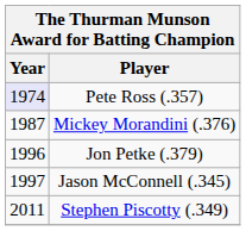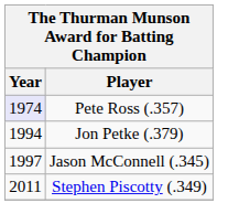 <table class="wikitable" style="display: inline-table; margin-right: 20px; text-align:center">
 <tr>
 <th scope="col" colspan="2" style="width: 145px;">The Thurman Munson Award for Batting Champion</th>
 </tr>
 <tr>
 <th scope="col">Year</th>
 <th scope="col">Player</th>
 </tr>
 <tr>
 <td style="background: lavender;">1974</td>
 <td>Pete Ross (.357)</td>
 </tr>
 <tr>
-<td>1987</td>
-<td><a href='#'>Mickey Morandini</a> (.376)</td>
-</tr>
-<tr>
-<td>1996</td>
+<td>1994</td>
 <td>Jon Petke (.379)</td>
 </tr>
 <tr>
 <td>1997</td>
 <td>Jason McConnell (.345)</td>
 </tr>
 <tr>
 <td>2011</td>
 <td><a href='#'>Stephen Piscotty</a> (.349)</td>
 </tr>
 <tr>
 </tr>
 </table>
